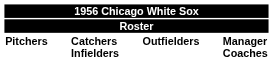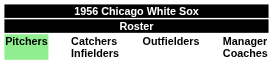 <table class="toccolours" style="font-size: 95%;">
 <tr>
 <th colspan="10" style="background-color: black; color: white; text-align: center;">1956 Chicago White Sox</th>
 </tr>
 <tr>
 <td colspan="10" style="background-color: black; color: white; text-align: center;"><strong>Roster</strong></td>
 </tr>
 <tr>
-<td valign="top"><strong>Pitchers</strong><br>                   </td>
+<td valign="top" style="background: lightgreen;"><strong>Pitchers</strong><br>                   </td>
 <td width="25px"></td>
 <td valign="top"><strong>Catchers</strong><br>   <strong>Infielders</strong>          </td>
 <td width="25px"></td>
 <td valign="top"><strong>Outfielders</strong><br>       </td>
 <td width="25px"></td>
 <td valign="top"><strong>Manager</strong><br> <strong>Coaches</strong>    </td>
 </tr>
 </table>
